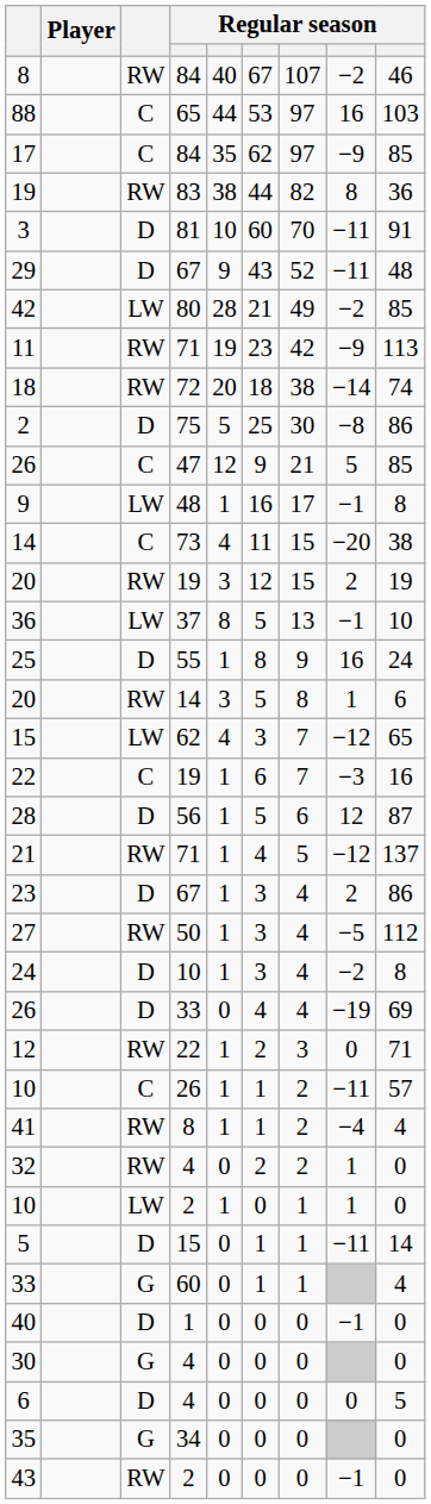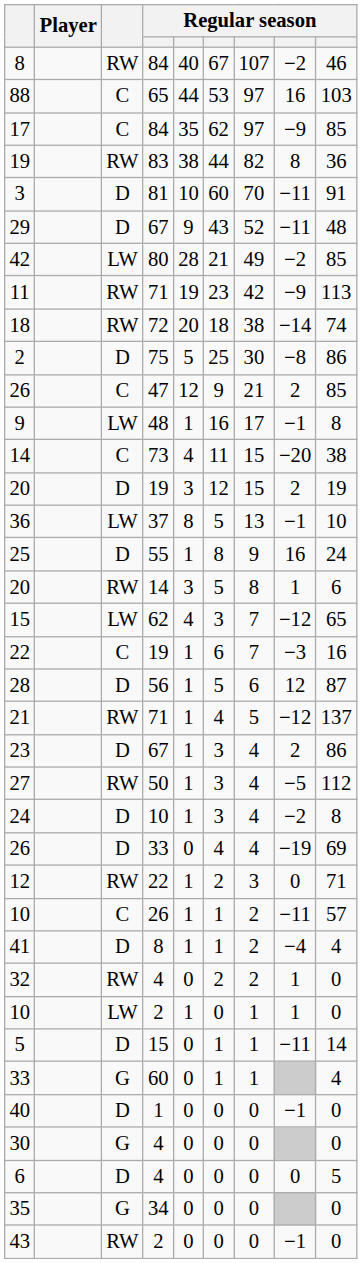 <table class="wikitable sortable plainrowheaders" style="text-align:center;">
 <tr>
 <th scope="col" data-sort-type="number" rowspan="2"></th>
 <th scope="col" rowspan="2">Player</th>
 <th scope="col" rowspan="2"></th>
 <th scope=colgroup colspan=6>Regular season</th>
 </tr>
 <tr>
 <th scope="col" data-sort-type="number"></th>
 <th scope="col" data-sort-type="number"></th>
 <th scope="col" data-sort-type="number"></th>
 <th scope="col" data-sort-type="number"></th>
 <th scope="col" data-sort-type="number"></th>
 <th scope="col" data-sort-type="number"></th>
 </tr>
 <tr>
 <td scope="row">8</td>
 <td align="left"></td>
 <td>RW</td>
 <td>84</td>
 <td>40</td>
 <td>67</td>
 <td>107</td>
 <td>−2</td>
 <td>46</td>
 </tr>
 <tr>
 <td scope="row">88</td>
 <td align="left"></td>
 <td>C</td>
 <td>65</td>
 <td>44</td>
 <td>53</td>
 <td>97</td>
 <td>16</td>
 <td>103</td>
 </tr>
 <tr>
 <td scope="row">17</td>
 <td align="left"></td>
 <td>C</td>
 <td>84</td>
 <td>35</td>
 <td>62</td>
 <td>97</td>
 <td>−9</td>
 <td>85</td>
 </tr>
 <tr>
 <td scope="row">19</td>
 <td align="left"></td>
 <td>RW</td>
 <td>83</td>
 <td>38</td>
 <td>44</td>
 <td>82</td>
 <td>8</td>
 <td>36</td>
 </tr>
 <tr>
 <td scope="row">3</td>
 <td align="left"></td>
 <td>D</td>
 <td>81</td>
 <td>10</td>
 <td>60</td>
 <td>70</td>
 <td>−11</td>
 <td>91</td>
 </tr>
 <tr>
 <td scope="row">29</td>
 <td align="left"></td>
 <td>D</td>
 <td>67</td>
 <td>9</td>
 <td>43</td>
 <td>52</td>
 <td>−11</td>
 <td>48</td>
 </tr>
 <tr>
 <td scope="row">42</td>
 <td align="left"></td>
 <td>LW</td>
 <td>80</td>
 <td>28</td>
 <td>21</td>
 <td>49</td>
 <td>−2</td>
 <td>85</td>
 </tr>
 <tr>
 <td scope="row">11</td>
 <td align="left"></td>
 <td>RW</td>
 <td>71</td>
 <td>19</td>
 <td>23</td>
 <td>42</td>
 <td>−9</td>
 <td>113</td>
 </tr>
 <tr>
 <td scope="row">18</td>
 <td align="left"></td>
 <td>RW</td>
 <td>72</td>
 <td>20</td>
 <td>18</td>
 <td>38</td>
 <td>−14</td>
 <td>74</td>
 </tr>
 <tr>
 <td scope="row">2</td>
 <td align="left"></td>
 <td>D</td>
 <td>75</td>
 <td>5</td>
 <td>25</td>
 <td>30</td>
 <td>−8</td>
 <td>86</td>
 </tr>
 <tr>
 <td scope="row">26</td>
 <td align="left"></td>
 <td>C</td>
 <td>47</td>
 <td>12</td>
 <td>9</td>
 <td>21</td>
-<td>5</td>
+<td>2</td>
 <td>85</td>
 </tr>
 <tr>
 <td scope="row">9</td>
 <td align="left"></td>
 <td>LW</td>
 <td>48</td>
 <td>1</td>
 <td>16</td>
 <td>17</td>
 <td>−1</td>
 <td>8</td>
 </tr>
 <tr>
 <td scope="row">14</td>
 <td align="left"></td>
 <td>C</td>
 <td>73</td>
 <td>4</td>
 <td>11</td>
 <td>15</td>
 <td>−20</td>
 <td>38</td>
 </tr>
 <tr>
 <td scope="row">20</td>
 <td align="left"></td>
-<td>RW</td>
+<td>D</td>
 <td>19</td>
 <td>3</td>
 <td>12</td>
 <td>15</td>
 <td>2</td>
 <td>19</td>
 </tr>
 <tr>
 <td scope="row">36</td>
 <td align="left"></td>
 <td>LW</td>
 <td>37</td>
 <td>8</td>
 <td>5</td>
 <td>13</td>
 <td>−1</td>
 <td>10</td>
 </tr>
 <tr>
 <td scope="row">25</td>
 <td align="left"></td>
 <td>D</td>
 <td>55</td>
 <td>1</td>
 <td>8</td>
 <td>9</td>
 <td>16</td>
 <td>24</td>
 </tr>
 <tr>
 <td scope="row">20</td>
 <td align="left"></td>
 <td>RW</td>
 <td>14</td>
 <td>3</td>
 <td>5</td>
 <td>8</td>
 <td>1</td>
 <td>6</td>
 </tr>
 <tr>
 <td scope="row">15</td>
 <td align="left"></td>
 <td>LW</td>
 <td>62</td>
 <td>4</td>
 <td>3</td>
 <td>7</td>
 <td>−12</td>
 <td>65</td>
 </tr>
 <tr>
 <td scope="row">22</td>
 <td align="left"></td>
 <td>C</td>
 <td>19</td>
 <td>1</td>
 <td>6</td>
 <td>7</td>
 <td>−3</td>
 <td>16</td>
 </tr>
 <tr>
 <td scope="row">28</td>
 <td align="left"></td>
 <td>D</td>
 <td>56</td>
 <td>1</td>
 <td>5</td>
 <td>6</td>
 <td>12</td>
 <td>87</td>
 </tr>
 <tr>
 <td scope="row">21</td>
 <td align="left"></td>
 <td>RW</td>
 <td>71</td>
 <td>1</td>
 <td>4</td>
 <td>5</td>
 <td>−12</td>
 <td>137</td>
 </tr>
 <tr>
 <td scope="row">23</td>
 <td align="left"></td>
 <td>D</td>
 <td>67</td>
 <td>1</td>
 <td>3</td>
 <td>4</td>
 <td>2</td>
 <td>86</td>
 </tr>
 <tr>
 <td scope="row">27</td>
 <td align="left"></td>
 <td>RW</td>
 <td>50</td>
 <td>1</td>
 <td>3</td>
 <td>4</td>
 <td>−5</td>
 <td>112</td>
 </tr>
 <tr>
 <td scope="row">24</td>
 <td align="left"></td>
 <td>D</td>
 <td>10</td>
 <td>1</td>
 <td>3</td>
 <td>4</td>
 <td>−2</td>
 <td>8</td>
 </tr>
 <tr>
 <td scope="row">26</td>
 <td align="left"></td>
 <td>D</td>
 <td>33</td>
 <td>0</td>
 <td>4</td>
 <td>4</td>
 <td>−19</td>
 <td>69</td>
 </tr>
 <tr>
 <td scope="row">12</td>
 <td align="left"></td>
 <td>RW</td>
 <td>22</td>
 <td>1</td>
 <td>2</td>
 <td>3</td>
 <td>0</td>
 <td>71</td>
 </tr>
 <tr>
 <td scope="row">10</td>
 <td align="left"></td>
 <td>C</td>
 <td>26</td>
 <td>1</td>
 <td>1</td>
 <td>2</td>
 <td>−11</td>
 <td>57</td>
 </tr>
 <tr>
 <td scope="row">41</td>
 <td align="left"></td>
-<td>RW</td>
+<td>D</td>
 <td>8</td>
 <td>1</td>
 <td>1</td>
 <td>2</td>
 <td>−4</td>
 <td>4</td>
 </tr>
 <tr>
 <td scope="row">32</td>
 <td align="left"></td>
 <td>RW</td>
 <td>4</td>
 <td>0</td>
 <td>2</td>
 <td>2</td>
 <td>1</td>
 <td>0</td>
 </tr>
 <tr>
 <td scope="row">10</td>
 <td align="left"></td>
 <td>LW</td>
 <td>2</td>
 <td>1</td>
 <td>0</td>
 <td>1</td>
 <td>1</td>
 <td>0</td>
 </tr>
 <tr>
 <td scope="row">5</td>
 <td align="left"></td>
 <td>D</td>
 <td>15</td>
 <td>0</td>
 <td>1</td>
 <td>1</td>
 <td>−11</td>
 <td>14</td>
 </tr>
 <tr>
 <td scope="row">33</td>
 <td align="left"></td>
 <td>G</td>
 <td>60</td>
 <td>0</td>
 <td>1</td>
 <td>1</td>
 <td style="background:#ccc"></td>
 <td>4</td>
 </tr>
 <tr>
 <td scope="row">40</td>
 <td align="left"></td>
 <td>D</td>
 <td>1</td>
 <td>0</td>
 <td>0</td>
 <td>0</td>
 <td>−1</td>
 <td>0</td>
 </tr>
 <tr>
 <td scope="row">30</td>
 <td align="left"></td>
 <td>G</td>
 <td>4</td>
 <td>0</td>
 <td>0</td>
 <td>0</td>
 <td style="background:#ccc"></td>
 <td>0</td>
 </tr>
 <tr>
 <td scope="row">6</td>
 <td align="left"></td>
 <td>D</td>
 <td>4</td>
 <td>0</td>
 <td>0</td>
 <td>0</td>
 <td>0</td>
 <td>5</td>
 </tr>
 <tr>
 <td scope="row">35</td>
 <td align="left"></td>
 <td>G</td>
 <td>34</td>
 <td>0</td>
 <td>0</td>
 <td>0</td>
 <td style="background:#ccc"></td>
 <td>0</td>
 </tr>
 <tr>
 <td scope="row">43</td>
 <td align="left"></td>
 <td>RW</td>
 <td>2</td>
 <td>0</td>
 <td>0</td>
 <td>0</td>
 <td>−1</td>
 <td>0</td>
 </tr>
 </table>
